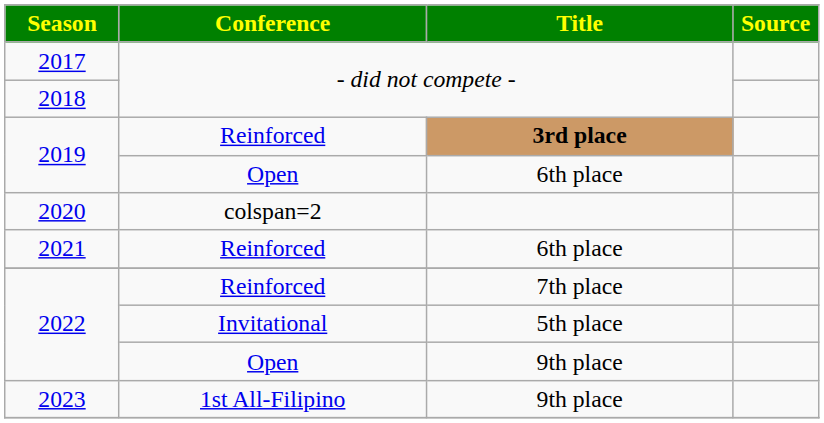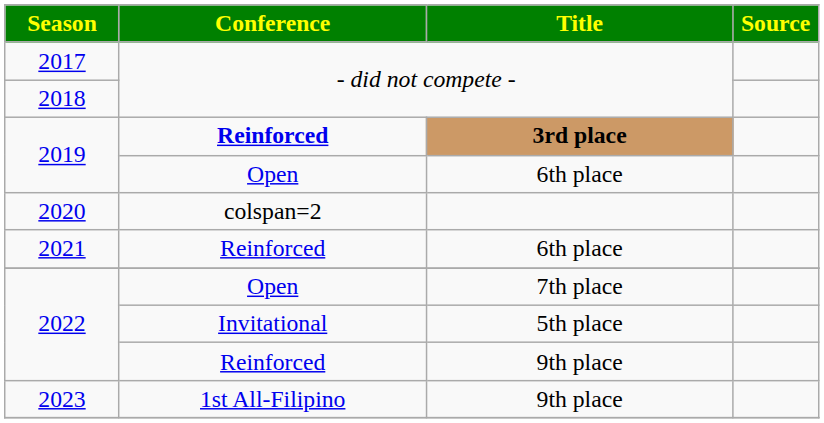 <table class="wikitable">
 <tr>
 <th width=70px style="background: green; color: yellow; text-align: center">Season</th>
 <th width=200px style="background: green; color: yellow">Conference</th>
 <th width=200px style="background: green; color: yellow">Title</th>
 <th width=50px style="background: green; color: yellow">Source</th>
 </tr>
 <tr align=center>
 <td><a href='#'>2017</a></td>
 <td colspan=2 rowspan=2><em>- did not compete -</em></td>
 <td></td>
 </tr>
 <tr align=center>
 <td><a href='#'>2018</a></td>
 <td></td>
 </tr>
 <tr align=center>
 <td rowspan=2><a href='#'>2019</a><br><small></small></td>
-<td><a href='#'>Reinforced</a></td>
+<td><strong><a href='#'>Reinforced</a></strong></td>
 <td style="background:#CC9966;"><strong>3rd place</strong></td>
 <td></td>
 </tr>
 <tr align=center>
 <td><a href='#'>Open</a></td>
 <td>6th place</td>
 <td></td>
 </tr>
 <tr align=center>
 <td><a href='#'>2020</a></td>
 <td>colspan=2</td>
 <td></td>
 </tr>
 <tr align=center>
 <td><a href='#'>2021</a><br><small></small></td>
 <td><a href='#'>Reinforced</a></td>
 <td>6th place</td>
 <td></td>
 </tr>
 <tr>
 </tr>
 <tr align=center>
 <td rowspan=3><a href='#'>2022</a></td>
-<td><a href='#'>Reinforced</a></td>
+<td><a href='#'>Open</a></td>
 <td>7th place</td>
 <td></td>
 </tr>
 <tr align=center>
 <td><a href='#'>Invitational</a></td>
 <td>5th place</td>
 <td></td>
 </tr>
 <tr align=center>
-<td><a href='#'>Open</a></td>
+<td><a href='#'>Reinforced</a></td>
 <td>9th place</td>
 <td></td>
 </tr>
 <tr align=center>
 <td rowspan=1><a href='#'>2023</a></td>
 <td><a href='#'>1st All-Filipino</a></td>
 <td>9th place</td>
 <td></td>
 </tr>
 <tr>
 </tr>
 </table>
